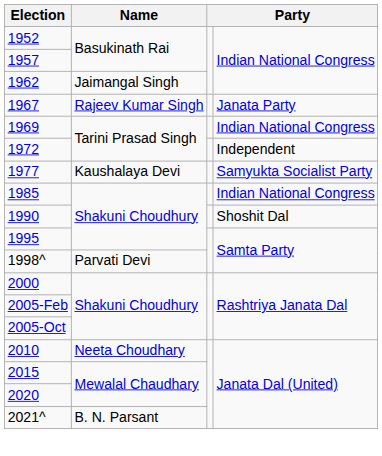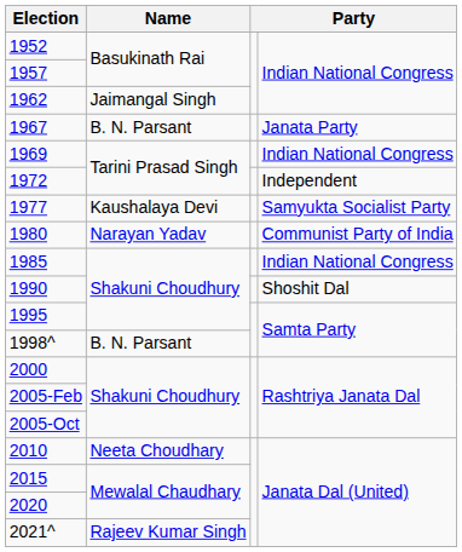 <table class="wikitable sortable">
 <tr>
 <th>Election</th>
 <th>Name</th>
 <th colspan="2">Party</th>
 </tr>
 <tr>
 <td><a href='#'>1952</a></td>
 <td rowspan="2">Basukinath Rai</td>
 <td rowspan="3" style="background-color: "></td>
 <td rowspan="3"><a href='#'>Indian National Congress</a></td>
 </tr>
 <tr>
 <td><a href='#'>1957</a></td>
 </tr>
 <tr>
 <td><a href='#'>1962</a></td>
 <td>Jaimangal Singh</td>
 </tr>
 <tr>
 <td><a href='#'>1967</a></td>
-<td><a href='#'>Rajeev Kumar Singh</a></td>
+<td>B. N. Parsant</td>
 <td style="background-color: "></td>
 <td><a href='#'>Janata Party</a></td>
 </tr>
 <tr>
 <td><a href='#'>1969</a></td>
 <td rowspan="2">Tarini Prasad Singh</td>
 <td></td>
 <td><a href='#'>Indian National Congress</a></td>
 </tr>
 <tr>
 <td><a href='#'>1972</a></td>
 <td style="background-color: "></td>
 <td>Independent</td>
 </tr>
 <tr>
 <td><a href='#'>1977</a></td>
 <td>Kaushalaya Devi</td>
 <td style="background-color: "></td>
 <td><a href='#'>Samyukta Socialist Party</a></td>
 </tr>
 <tr>
+<td><a href='#'>1980</a></td>
+<td><a href='#'>Narayan Yadav</a></td>
+<td style="background-color: "></td>
+<td><a href='#'>Communist Party of India</a></td>
+</tr>
+<tr>
 <td><a href='#'>1985</a></td>
 <td rowspan="3"><a href='#'>Shakuni Choudhury</a></td>
 <td style="background-color: "></td>
 <td><a href='#'>Indian National Congress</a></td>
 </tr>
 <tr>
 <td><a href='#'>1990</a></td>
 <td style="background-color: "></td>
 <td>Shoshit Dal</td>
 </tr>
 <tr>
 <td><a href='#'>1995</a></td>
 <td rowspan="2" style="background-color: "></td>
 <td rowspan="2"><a href='#'>Samta Party</a></td>
 </tr>
 <tr>
 <td>1998^</td>
-<td>Parvati Devi</td>
+<td>B. N. Parsant</td>
 </tr>
 <tr>
 <td><a href='#'>2000</a></td>
 <td rowspan="3"><a href='#'>Shakuni Choudhury</a></td>
 <td rowspan="3" style="background-color: "></td>
 <td rowspan="3"><a href='#'>Rashtriya Janata Dal</a></td>
 </tr>
 <tr>
 <td><a href='#'>2005-Feb</a></td>
 </tr>
 <tr>
 <td><a href='#'>2005-Oct</a></td>
 </tr>
 <tr>
 <td><a href='#'>2010</a></td>
 <td><a href='#'>Neeta Choudhary</a></td>
 <td rowspan="4" style="background-color: "></td>
 <td rowspan="4"><a href='#'>Janata Dal (United)</a></td>
 </tr>
 <tr>
 <td><a href='#'>2015</a></td>
 <td rowspan="2"><a href='#'>Mewalal Chaudhary</a></td>
 </tr>
 <tr>
 <td><a href='#'>2020</a></td>
 </tr>
 <tr>
 <td>2021^</td>
-<td>B. N. Parsant</td>
+<td><a href='#'>Rajeev Kumar Singh</a></td>
 </tr>
 </table>
